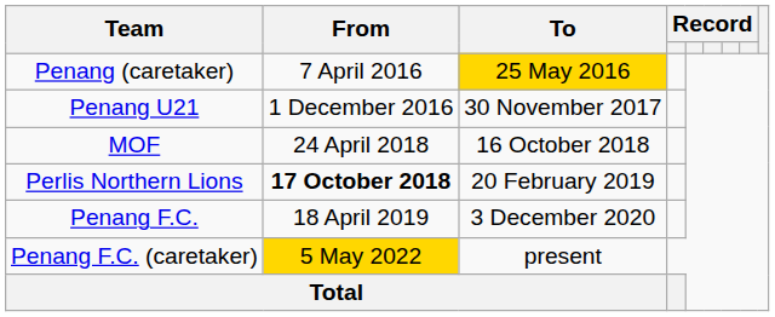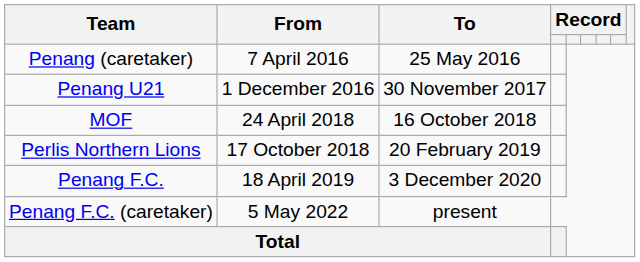 <table class="wikitable" style="text-align:center">
 <tr>
 <th rowspan="2">Team</th>
 <th rowspan="2">From</th>
 <th rowspan="2">To</th>
 <th colspan="5">Record</th>
 <th rowspan="2"></th>
 </tr>
 <tr>
 <th></th>
 <th></th>
 <th></th>
 <th></th>
 <th></th>
 </tr>
 <tr>
 <td><a href='#'>Penang</a> (caretaker)</td>
 <td>7 April 2016</td>
-<td style="background: gold;">25 May 2016<br></td>
+<td>25 May 2016<br></td>
 <td></td>
 </tr>
 <tr>
 <td><a href='#'>Penang U21</a></td>
 <td>1 December 2016</td>
 <td>30 November 2017<br></td>
 <td></td>
 </tr>
 <tr>
 <td><a href='#'>MOF</a></td>
 <td>24 April 2018</td>
 <td>16 October 2018<br></td>
 <td></td>
 </tr>
 <tr>
 <td><a href='#'>Perlis Northern Lions</a></td>
-<td><strong>17 October 2018</strong></td>
+<td>17 October 2018</td>
 <td>20 February 2019<br></td>
 <td></td>
 </tr>
 <tr>
 <td><a href='#'>Penang F.C.</a></td>
 <td>18 April 2019</td>
 <td>3 December 2020<br></td>
 <td></td>
 </tr>
 <tr>
 <td><a href='#'>Penang F.C.</a> (caretaker)</td>
-<td style="background: gold;">5 May 2022</td>
+<td>5 May 2022</td>
 <td>present<br></td>
 </tr>
 <tr>
 <th colspan="3">Total<br></th>
 <th></th>
 </tr>
 </table>
